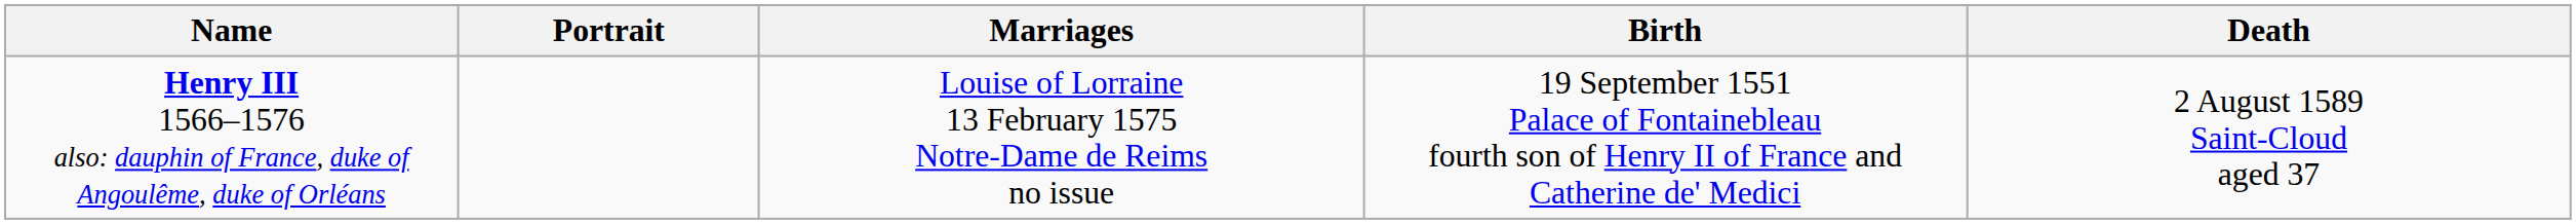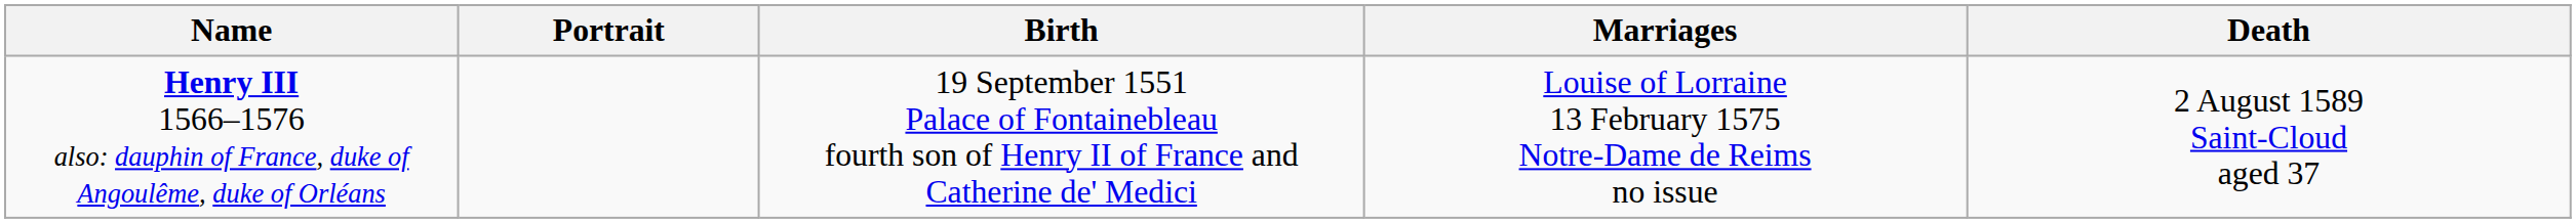 <table style="text-align:center; width:100%" class="wikitable">
 <tr>
 <th style="width:15%;">Name</th>
 <th style="width:10%;">Portrait</th>
+<th style="width:20%;">Birth</th>
 <th style="width:20%;">Marriages</th>
-<th style="width:20%;">Birth</th>
 <th style="width:20%;">Death</th>
 </tr>
 <tr>
 <td width=auto><strong><a href='#'>Henry III</a></strong><br>1566–1576<br><em><small>also: <a href='#'>dauphin of France</a>, <a href='#'>duke of Angoulême</a>, <a href='#'>duke of Orléans</a></small></em></td>
 <td></td>
+<td>19 September 1551<br><a href='#'>Palace of Fontainebleau</a><br>fourth son of <a href='#'>Henry II of France</a> and <a href='#'>Catherine de' Medici</a></td>
 <td><a href='#'>Louise of Lorraine</a><br>13 February 1575<br><a href='#'>Notre-Dame de Reims</a><br>no issue</td>
-<td>19 September 1551<br><a href='#'>Palace of Fontainebleau</a><br>fourth son of <a href='#'>Henry II of France</a> and <a href='#'>Catherine de' Medici</a></td>
 <td>2 August 1589<br><a href='#'>Saint-Cloud</a><br>aged 37</td>
 </tr>
 </table>
